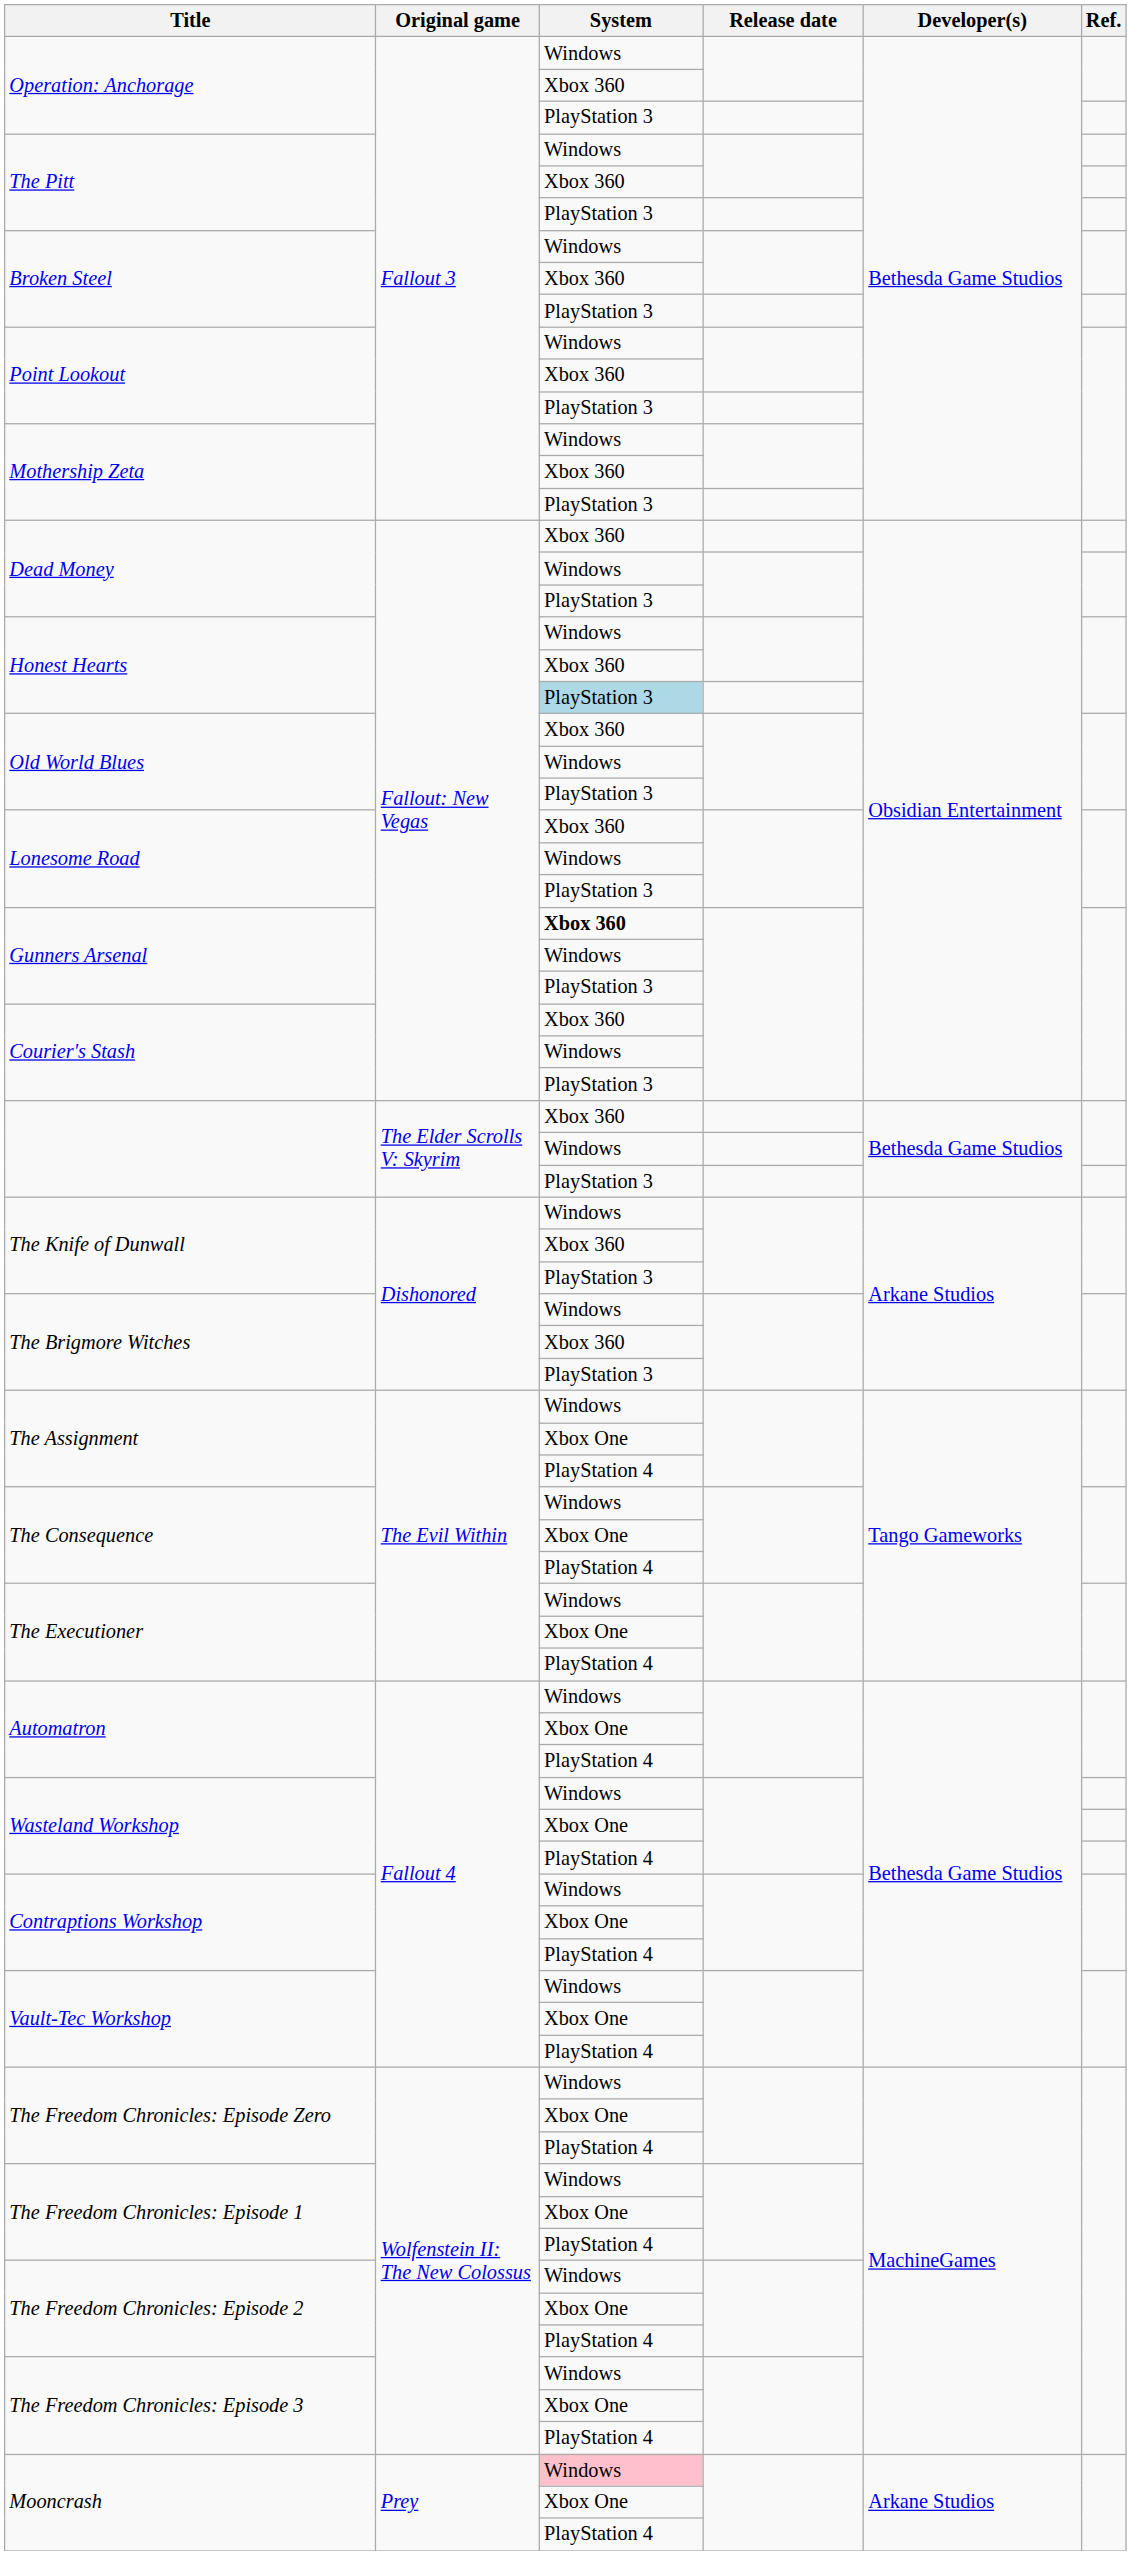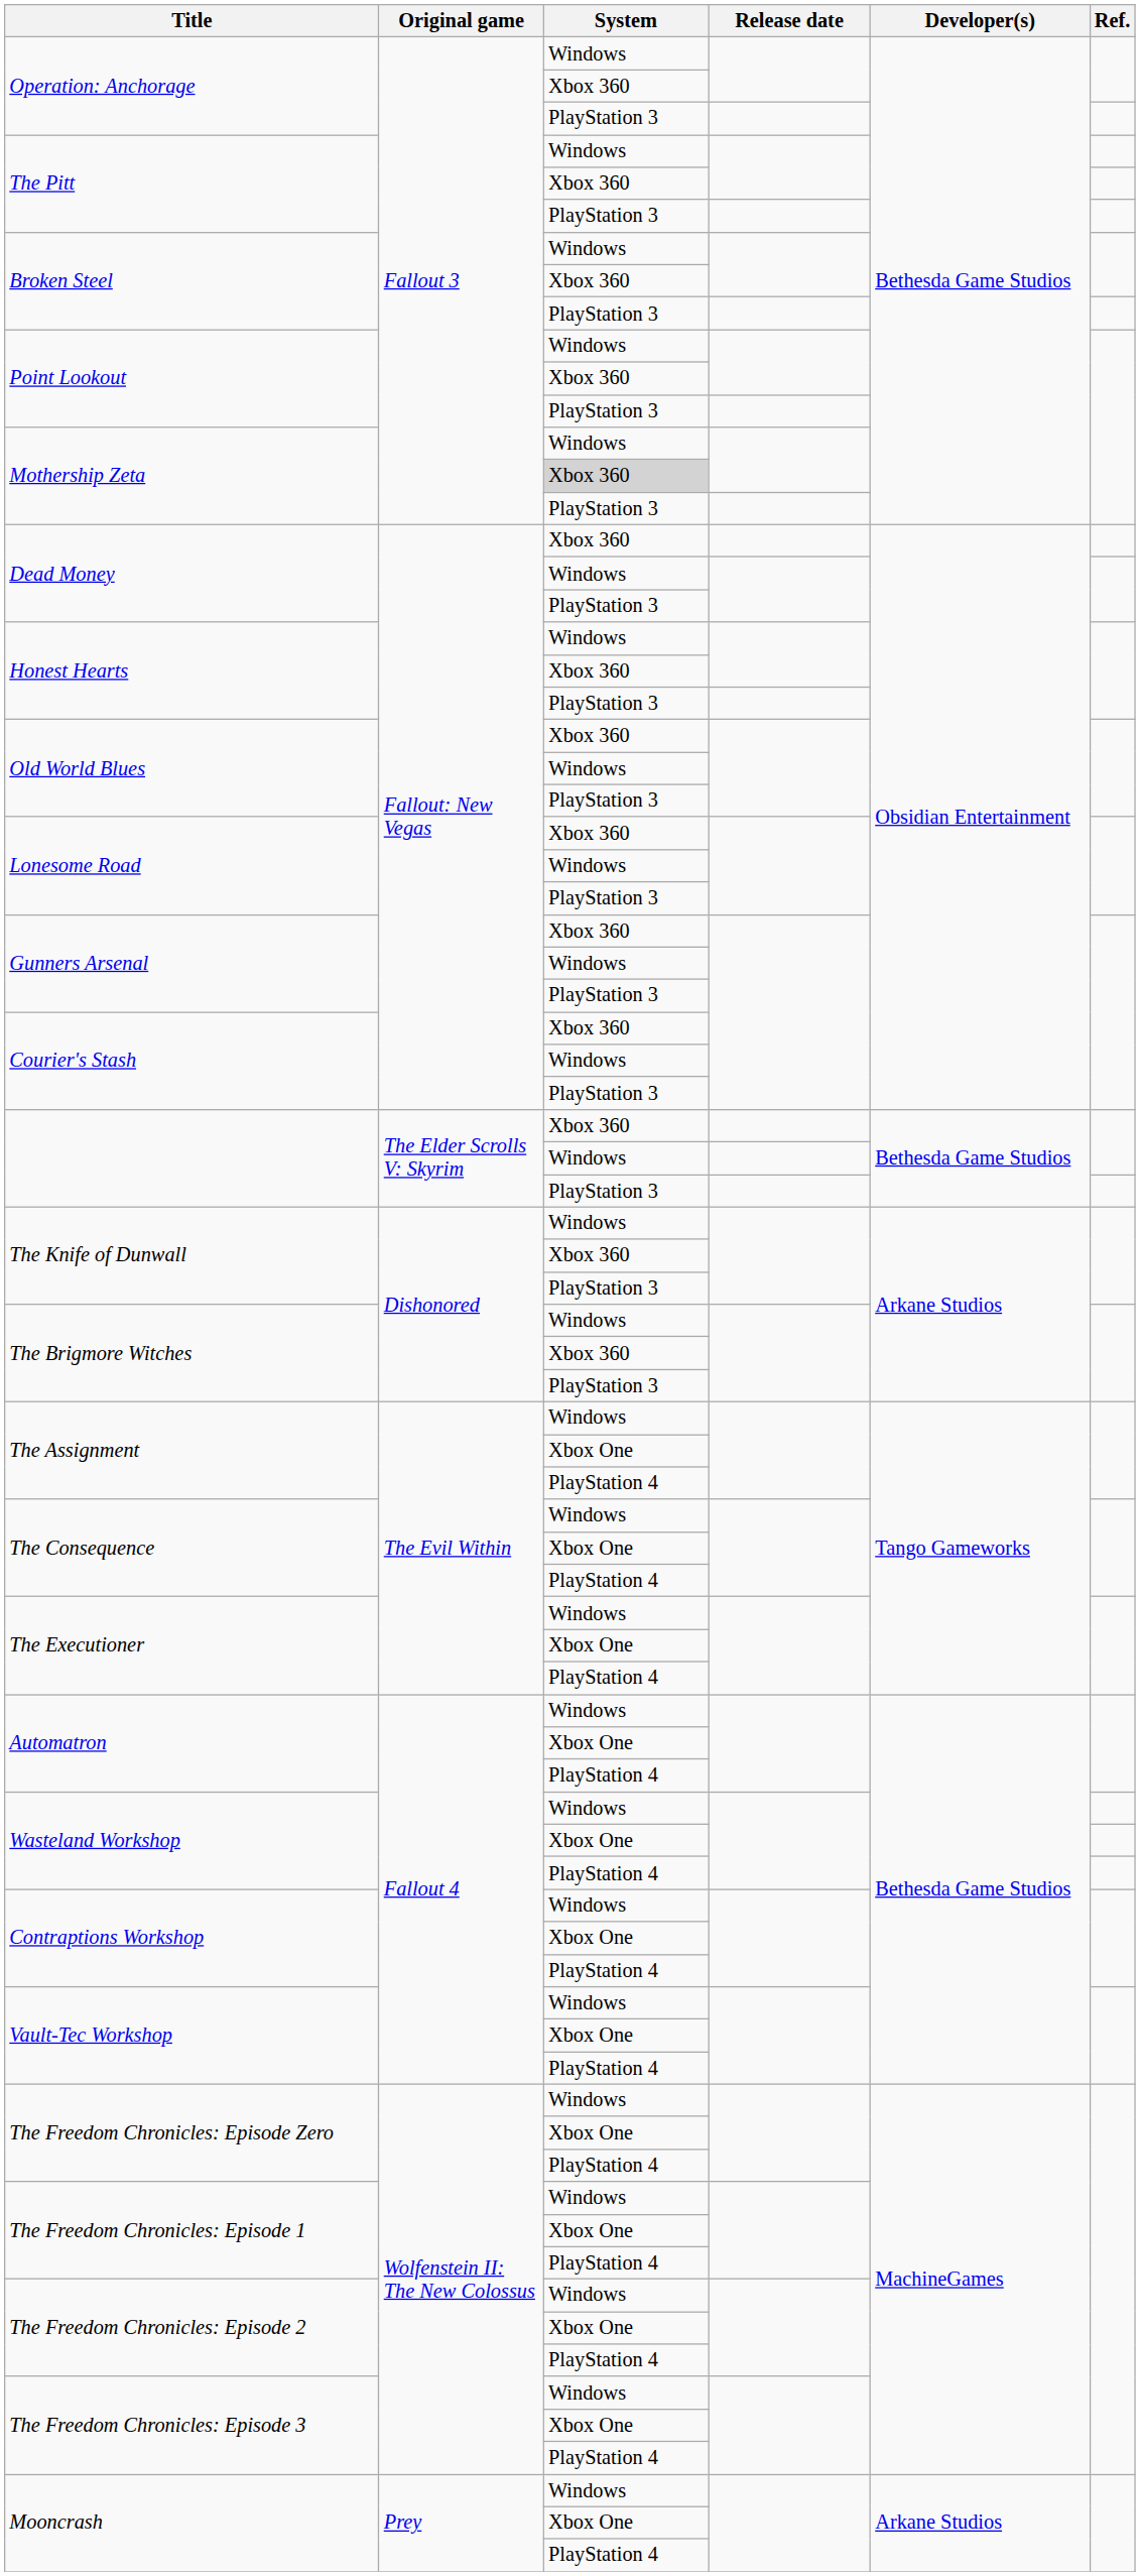 <table class="wikitable sortable" style="width: 100%">
 <tr>
 <th style="width:35%">Title</th>
 <th style="width:15%">Original game</th>
 <th style="width:15%">System</th>
 <th style="width:15%">Release date</th>
 <th style="width:40%">Developer(s)</th>
 <th style="width:5%" class="unsortable">Ref.</th>
 </tr>
 <tr>
 <td rowspan="3"><em><a href='#'>Operation: Anchorage</a></em></td>
 <td rowspan="15"><em><a href='#'>Fallout 3</a></em></td>
 <td>Windows</td>
 <td rowspan="2"></td>
 <td rowspan="15"><a href='#'>Bethesda Game Studios</a></td>
 <td rowspan="2" style="text-align:center"></td>
 </tr>
 <tr>
 <td>Xbox 360</td>
 </tr>
 <tr>
 <td>PlayStation 3</td>
 <td></td>
 <td style="text-align:center"></td>
 </tr>
 <tr>
 <td rowspan="3"><em><a href='#'>The Pitt</a></em></td>
 <td>Windows</td>
 <td rowspan="2"></td>
 <td style="text-align:center"></td>
 </tr>
 <tr>
 <td>Xbox 360</td>
 <td style="text-align:center"></td>
 </tr>
 <tr>
 <td>PlayStation 3</td>
 <td></td>
 <td style="text-align:center"></td>
 </tr>
 <tr>
 <td rowspan="3"><em><a href='#'>Broken Steel</a></em></td>
 <td>Windows</td>
 <td rowspan="2"></td>
 <td rowspan="2" style="text-align:center"></td>
 </tr>
 <tr>
 <td>Xbox 360</td>
 </tr>
 <tr>
 <td>PlayStation 3</td>
 <td></td>
 <td style="text-align:center"></td>
 </tr>
 <tr>
 <td rowspan="3"><em><a href='#'>Point Lookout</a></em></td>
 <td>Windows</td>
 <td rowspan="2"></td>
 <td rowspan="6" style="text-align:center"></td>
 </tr>
 <tr>
 <td>Xbox 360</td>
 </tr>
 <tr>
 <td>PlayStation 3</td>
 <td></td>
 </tr>
 <tr>
 <td rowspan="3"><em><a href='#'>Mothership Zeta</a></em></td>
 <td>Windows</td>
 <td rowspan="2"></td>
 </tr>
 <tr>
-<td>Xbox 360</td>
+<td style="background: lightgrey;">Xbox 360</td>
 </tr>
 <tr>
 <td>PlayStation 3</td>
 <td></td>
 </tr>
 <tr>
 <td rowspan="3"><em><a href='#'>Dead Money</a></em></td>
 <td rowspan="18"><em><a href='#'>Fallout: New Vegas</a></em></td>
 <td>Xbox 360</td>
 <td></td>
 <td rowspan="18"><a href='#'>Obsidian Entertainment</a></td>
 <td style="text-align:center"></td>
 </tr>
 <tr>
 <td>Windows</td>
 <td rowspan="2"></td>
 <td rowspan="2" style="text-align:center"></td>
 </tr>
 <tr>
 <td>PlayStation 3</td>
 </tr>
 <tr>
 <td rowspan="3"><em><a href='#'>Honest Hearts</a></em></td>
 <td>Windows</td>
 <td rowspan="2"></td>
 <td rowspan="3" style="text-align:center"></td>
 </tr>
 <tr>
 <td>Xbox 360</td>
 </tr>
 <tr>
-<td style="background: lightblue;">PlayStation 3</td>
+<td>PlayStation 3</td>
 <td></td>
 </tr>
 <tr>
 <td rowspan="3"><em><a href='#'>Old World Blues</a></em></td>
 <td>Xbox 360</td>
 <td rowspan="3"></td>
 <td rowspan="3" style="text-align:center"></td>
 </tr>
 <tr>
 <td>Windows</td>
 </tr>
 <tr>
 <td>PlayStation 3</td>
 </tr>
 <tr>
 <td rowspan="3"><em><a href='#'>Lonesome Road</a></em></td>
 <td>Xbox 360</td>
 <td rowspan="3"></td>
 <td rowspan="3" style="text-align:center"></td>
 </tr>
 <tr>
 <td>Windows</td>
 </tr>
 <tr>
 <td>PlayStation 3</td>
 </tr>
 <tr>
 <td rowspan="3"><em><a href='#'>Gunners Arsenal</a></em></td>
-<td><strong>Xbox 360</strong></td>
+<td>Xbox 360</td>
 <td rowspan="6"></td>
 <td rowspan="6" style="text-align:center"></td>
 </tr>
 <tr>
 <td>Windows</td>
 </tr>
 <tr>
 <td>PlayStation 3</td>
 </tr>
 <tr>
 <td rowspan="3"><em><a href='#'>Courier's Stash</a></em></td>
 <td>Xbox 360</td>
 </tr>
 <tr>
 <td>Windows</td>
 </tr>
 <tr>
 <td>PlayStation 3</td>
 </tr>
 <tr>
 <td rowspan="3"></td>
 <td rowspan="3"><em><a href='#'>The Elder Scrolls V: Skyrim</a></em></td>
 <td>Xbox 360</td>
 <td></td>
 <td rowspan ="3"><a href='#'>Bethesda Game Studios</a></td>
 <td rowspan="2" style="text-align:center"></td>
 </tr>
 <tr>
 <td>Windows</td>
 <td></td>
 </tr>
 <tr>
 <td>PlayStation 3</td>
 <td></td>
 <td style="text-align:center"></td>
 </tr>
 <tr>
 <td rowspan="3"><em>The Knife of Dunwall</em></td>
 <td rowspan="6"><em><a href='#'>Dishonored</a></em></td>
 <td>Windows</td>
 <td rowspan="3"></td>
 <td rowspan="6"><a href='#'>Arkane Studios</a></td>
 <td rowspan="3" style="text-align:center"></td>
 </tr>
 <tr>
 <td>Xbox 360</td>
 </tr>
 <tr>
 <td>PlayStation 3</td>
 </tr>
 <tr>
 <td rowspan="3"><em>The Brigmore Witches</em></td>
 <td>Windows</td>
 <td rowspan="3"></td>
 <td rowspan="3" style="text-align:center"></td>
 </tr>
 <tr>
 <td>Xbox 360</td>
 </tr>
 <tr>
 <td>PlayStation 3</td>
 </tr>
 <tr>
 <td rowspan="3"><em>The Assignment</em></td>
 <td rowspan="9"><em><a href='#'>The Evil Within</a></em></td>
 <td>Windows</td>
 <td rowspan="3"></td>
 <td rowspan="9"><a href='#'>Tango Gameworks</a></td>
 <td rowspan="3" style="text-align:center"></td>
 </tr>
 <tr>
 <td>Xbox One</td>
 </tr>
 <tr>
 <td>PlayStation 4</td>
 </tr>
 <tr>
 <td rowspan="3"><em>The Consequence</em></td>
 <td>Windows</td>
 <td rowspan="3"></td>
 <td rowspan="3" style="text-align:center"></td>
 </tr>
 <tr>
 <td>Xbox One</td>
 </tr>
 <tr>
 <td>PlayStation 4</td>
 </tr>
 <tr>
 <td rowspan="3"><em>The Executioner</em></td>
 <td>Windows</td>
 <td rowspan="3"></td>
 <td rowspan="3" style="text-align:center"></td>
 </tr>
 <tr>
 <td>Xbox One</td>
 </tr>
 <tr>
 <td>PlayStation 4</td>
 </tr>
 <tr>
 <td rowspan="3"><em><a href='#'>Automatron</a></em></td>
 <td rowspan="12"><em><a href='#'>Fallout 4</a></em></td>
 <td>Windows</td>
 <td rowspan="3"></td>
 <td rowspan="12"><a href='#'>Bethesda Game Studios</a></td>
 <td rowspan="3" style="text-align:center"></td>
 </tr>
 <tr>
 <td>Xbox One</td>
 </tr>
 <tr>
 <td>PlayStation 4</td>
 </tr>
 <tr>
 <td rowspan="3"><em><a href='#'>Wasteland Workshop</a></em></td>
 <td>Windows</td>
 <td rowspan="3"></td>
 <td style="text-align:center"></td>
 </tr>
 <tr>
 <td>Xbox One</td>
 <td style="text-align:center"></td>
 </tr>
 <tr>
 <td>PlayStation 4</td>
 <td style="text-align:center"></td>
 </tr>
 <tr>
 <td rowspan="3"><em><a href='#'>Contraptions Workshop</a></em></td>
 <td>Windows</td>
 <td rowspan="3"></td>
 <td rowspan="3" style="text-align:center"></td>
 </tr>
 <tr>
 <td>Xbox One</td>
 </tr>
 <tr>
 <td>PlayStation 4</td>
 </tr>
 <tr>
 <td rowspan="3"><em><a href='#'>Vault-Tec Workshop</a></em></td>
 <td>Windows</td>
 <td rowspan="3"></td>
 <td rowspan="3" style="text-align:center"></td>
 </tr>
 <tr>
 <td>Xbox One</td>
 </tr>
 <tr>
 <td>PlayStation 4</td>
 </tr>
 <tr>
 <td rowspan="3"><em>The Freedom Chronicles: Episode Zero</em></td>
 <td rowspan="12"><em><a href='#'>Wolfenstein II: The New Colossus</a></em></td>
 <td>Windows</td>
 <td rowspan="3"></td>
 <td rowspan="12"><a href='#'>MachineGames</a></td>
 <td rowspan="12"></td>
 </tr>
 <tr>
 <td>Xbox One</td>
 </tr>
 <tr>
 <td>PlayStation 4</td>
 </tr>
 <tr>
 <td rowspan="3"><em>The Freedom Chronicles: Episode 1</em></td>
 <td>Windows</td>
 <td rowspan="3"></td>
 </tr>
 <tr>
 <td>Xbox One</td>
 </tr>
 <tr>
 <td>PlayStation 4</td>
 </tr>
 <tr>
 <td rowspan="3"><em>The Freedom Chronicles: Episode 2</em></td>
 <td>Windows</td>
 <td rowspan="3"></td>
 </tr>
 <tr>
 <td>Xbox One</td>
 </tr>
 <tr>
 <td>PlayStation 4</td>
 </tr>
 <tr>
 <td rowspan="3"><em>The Freedom Chronicles: Episode 3</em></td>
 <td>Windows</td>
 <td rowspan="3"></td>
 </tr>
 <tr>
 <td>Xbox One</td>
 </tr>
 <tr>
 <td>PlayStation 4</td>
 </tr>
 <tr>
 <td rowspan="3"><em>Mooncrash</em></td>
 <td rowspan="3"><em><a href='#'>Prey</a></em></td>
-<td style="background: pink;">Windows</td>
+<td>Windows</td>
 <td rowspan="3"></td>
 <td rowspan="3"><a href='#'>Arkane Studios</a></td>
 <td rowspan="3" style="text-align:center"></td>
 </tr>
 <tr>
 <td>Xbox One</td>
 </tr>
 <tr>
 <td>PlayStation 4</td>
 </tr>
 </table>
